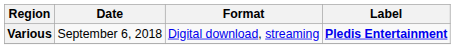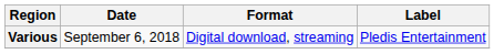 <table class="wikitable plainrowheaders">
 <tr>
 <th>Region</th>
 <th>Date</th>
 <th>Format</th>
 <th>Label</th>
 </tr>
 <tr>
 <th scope="row">Various</th>
 <td>September 6, 2018</td>
 <td><a href='#'>Digital download</a>, <a href='#'>streaming</a></td>
-<td><strong><a href='#'>Pledis Entertainment</a></strong></td>
+<td><a href='#'>Pledis Entertainment</a></td>
 </tr>
 <tr>
 </tr>
 </table>
